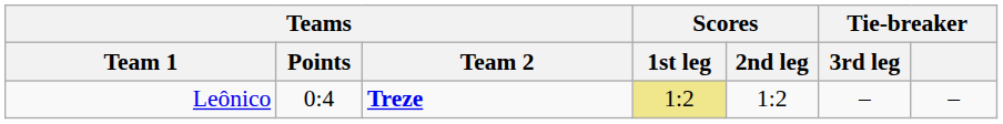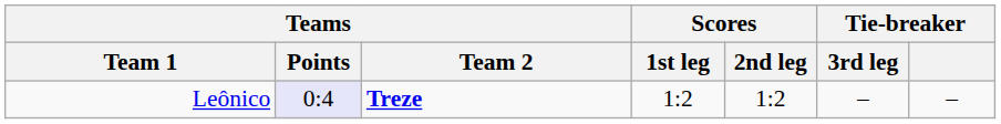 <table class="wikitable" style="text-align:center;">
 <tr>
 <th colspan=3>Teams</th>
 <th colspan=2>Scores</th>
 <th colspan=2>Tie-breaker</th>
 </tr>
 <tr>
 <th width="175">Team 1</th>
 <th width="50">Points</th>
 <th width="175">Team 2</th>
 <th width="55">1st leg</th>
 <th width="55">2nd leg</th>
 <th width="55">3rd leg</th>
 <th width="50"></th>
 </tr>
 <tr>
 <td align=right><a href='#'>Leônico</a> </td>
-<td>0:4</td>
+<td style="background: lavender;">0:4</td>
 <td align=left> <strong><a href='#'>Treze</a></strong></td>
-<td style="background: khaki;">1:2</td>
+<td>1:2</td>
 <td>1:2</td>
 <td>–</td>
 <td>–</td>
 </tr>
 </table>
